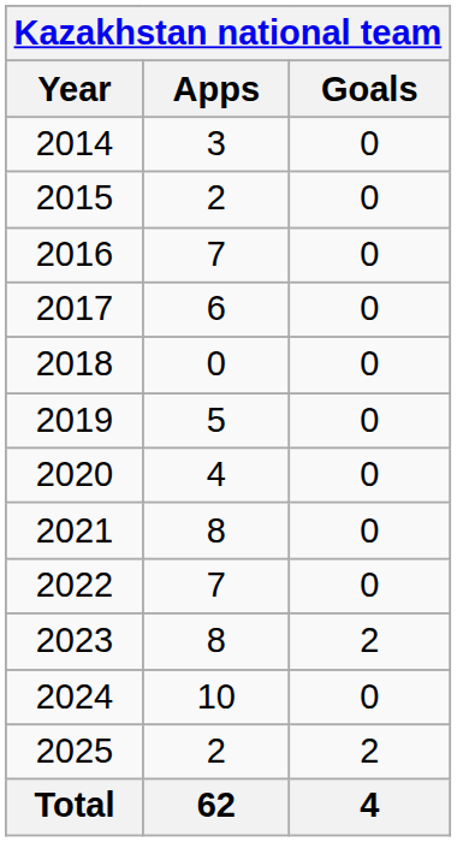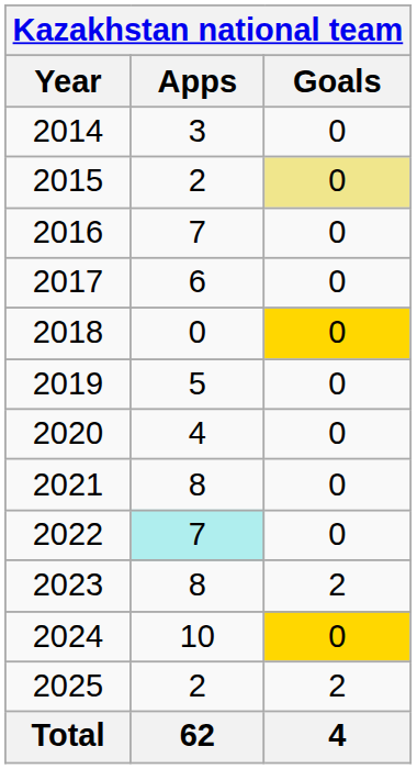 <table class="wikitable" style="text-align:center">
 <tr>
 <th colspan="3"><a href='#'>Kazakhstan national team</a></th>
 </tr>
 <tr>
 <th>Year</th>
 <th>Apps</th>
 <th>Goals</th>
 </tr>
 <tr>
 <td>2014</td>
 <td>3</td>
 <td>0</td>
 </tr>
 <tr>
 <td>2015</td>
 <td>2</td>
-<td>0</td>
+<td style="background: khaki;">0</td>
 </tr>
 <tr>
 <td>2016</td>
 <td>7</td>
 <td>0</td>
 </tr>
 <tr>
 <td>2017</td>
 <td>6</td>
 <td>0</td>
 </tr>
 <tr>
 <td>2018</td>
 <td>0</td>
-<td>0</td>
+<td style="background: gold;">0</td>
 </tr>
 <tr>
 <td>2019</td>
 <td>5</td>
 <td>0</td>
 </tr>
 <tr>
 <td>2020</td>
 <td>4</td>
 <td>0</td>
 </tr>
 <tr>
 <td>2021</td>
 <td>8</td>
 <td>0</td>
 </tr>
 <tr>
 <td>2022</td>
-<td>7</td>
+<td style="background: paleturquoise;">7</td>
 <td>0</td>
 </tr>
 <tr>
 <td>2023</td>
 <td>8</td>
 <td>2</td>
 </tr>
 <tr>
 <td>2024</td>
 <td>10</td>
-<td>0</td>
+<td style="background: gold;">0</td>
 </tr>
 <tr>
 <td>2025</td>
 <td>2</td>
 <td>2</td>
 </tr>
 <tr>
 <th>Total</th>
 <th>62</th>
 <th>4</th>
 </tr>
 </table>
